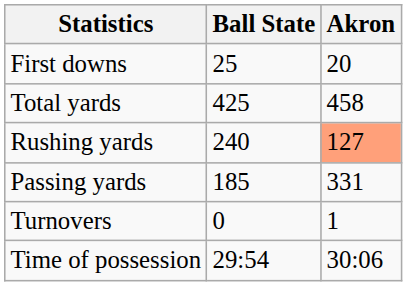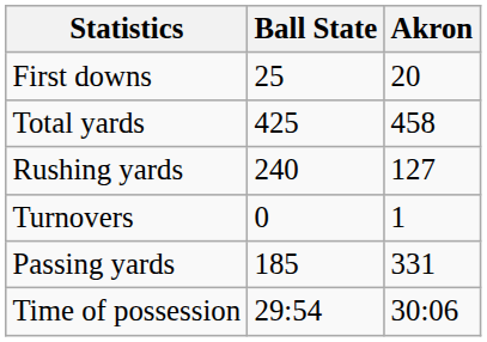 <table class="wikitable">
 <tr>
 <th>Statistics</th>
 <th>Ball State</th>
 <th>Akron</th>
 </tr>
 <tr>
 <td>First downs</td>
 <td>25</td>
 <td>20</td>
 </tr>
 <tr>
 <td>Total yards</td>
 <td>425</td>
 <td>458</td>
 </tr>
 <tr>
 <td>Rushing yards</td>
 <td>240</td>
-<td style="background: lightsalmon;">127</td>
+<td>127</td>
+</tr>
+<tr>
+<td>Turnovers</td>
+<td>0</td>
+<td>1</td>
 </tr>
 <tr>
 <td>Passing yards</td>
 <td>185</td>
 <td>331</td>
 </tr>
 <tr>
-<td>Turnovers</td>
-<td>0</td>
-<td>1</td>
-</tr>
-<tr>
 <td>Time of possession</td>
 <td>29:54</td>
 <td>30:06</td>
 </tr>
 </table>
